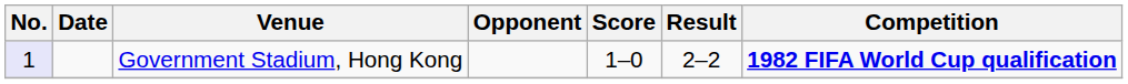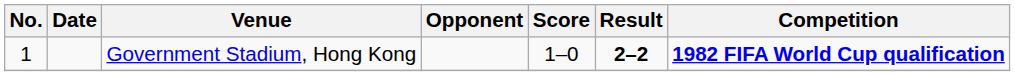 <table class="wikitable sortable">
 <tr>
 <th scope="col">No.</th>
 <th scope="col">Date</th>
 <th scope="col">Venue</th>
 <th scope="col">Opponent</th>
 <th scope="col">Score</th>
 <th scope="col">Result</th>
 <th scope="col">Competition</th>
 </tr>
 <tr>
-<td align="center" style="background: lavender;">1</td>
+<td align="center">1</td>
 <td></td>
 <td><a href='#'>Government Stadium</a>, Hong Kong</td>
 <td></td>
 <td align="center">1–0</td>
-<td align="center">2–2</td>
+<td align="center"><strong>2–2</strong></td>
 <td><strong><a href='#'>1982 FIFA World Cup qualification</a></strong></td>
 </tr>
 <tr>
 </tr>
 </table>
